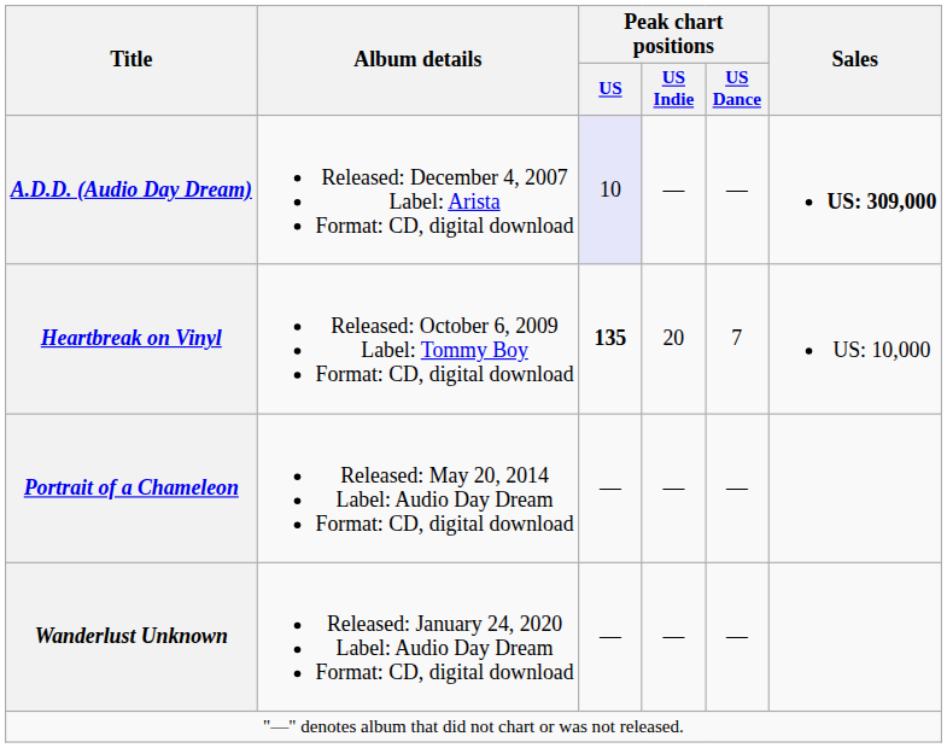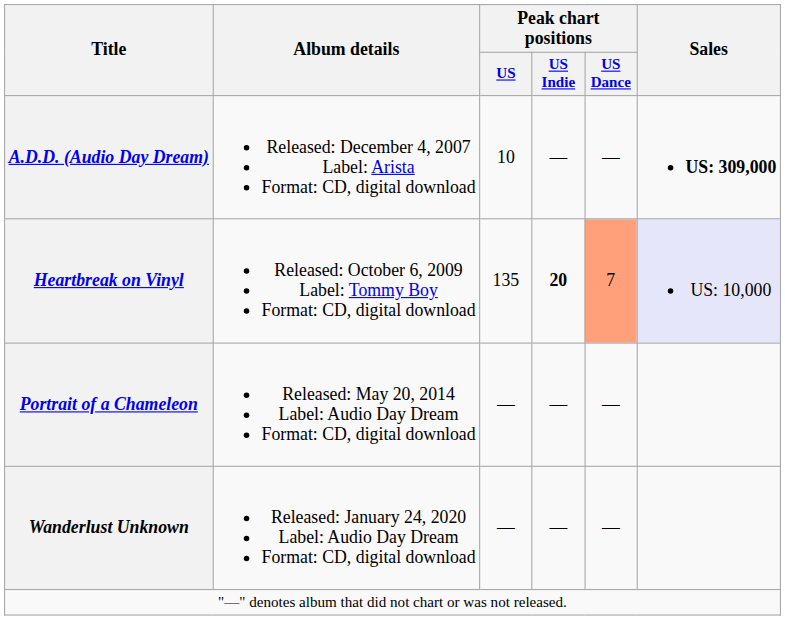 <table class="wikitable plainrowheaders" style="text-align:center;">
 <tr>
 <th scope="col" rowspan="2">Title</th>
 <th scope="col" rowspan="2">Album details</th>
 <th scope="col" colspan="3">Peak chart positions</th>
 <th scope="col" rowspan="2">Sales</th>
 </tr>
 <tr>
 <th scope="col" style="width:3em;font-size:85%;"><a href='#'>US</a><br></th>
 <th scope="col" style="width:3em;font-size:85%;"><a href='#'>US<br>Indie</a><br></th>
 <th scope="col" style="width:3em;font-size:85%;"><a href='#'>US<br>Dance</a><br></th>
 </tr>
 <tr>
 <th scope="row"><em><a href='#'>A.D.D. (Audio Day Dream)</a></em></th>
 <td><br><ul><li>Released: December 4, 2007</li><li>Label: <a href='#'>Arista</a></li><li>Format: CD, digital download</li></ul></td>
-<td style="background: lavender;">10</td>
+<td>10</td>
 <td>—</td>
 <td>—</td>
 <td><strong><br><ul><li>US: 309,000</li></ul></strong></td>
 </tr>
 <tr>
 <th scope="row"><em><a href='#'>Heartbreak on Vinyl</a></em></th>
 <td><br><ul><li>Released: October 6, 2009</li><li>Label: <a href='#'>Tommy Boy</a></li><li>Format: CD, digital download</li></ul></td>
-<td><strong>135</strong></td>
-<td>20</td>
-<td>7</td>
-<td><br><ul><li>US: 10,000</li></ul></td>
+<td>135</td>
+<td><strong>20</strong></td>
+<td style="background: lightsalmon;">7</td>
+<td style="background: lavender;"><br><ul><li>US: 10,000</li></ul></td>
 </tr>
 <tr>
 <th scope="row"><em><a href='#'>Portrait of a Chameleon</a></em></th>
 <td><br><ul><li>Released: May 20, 2014</li><li>Label: Audio Day Dream</li><li>Format: CD, digital download</li></ul></td>
 <td>—</td>
 <td>—</td>
 <td>—</td>
 <td></td>
 </tr>
 <tr>
 <th scope="row"><em>Wanderlust Unknown</em></th>
 <td><br><ul><li>Released: January 24, 2020</li><li>Label: Audio Day Dream</li><li>Format: CD, digital download</li></ul></td>
 <td>—</td>
 <td>—</td>
 <td>—</td>
 <td></td>
 </tr>
 <tr>
 <td colspan="14" style="font-size:85%">"—" denotes album that did not chart or was not released.</td>
 </tr>
 </table>
